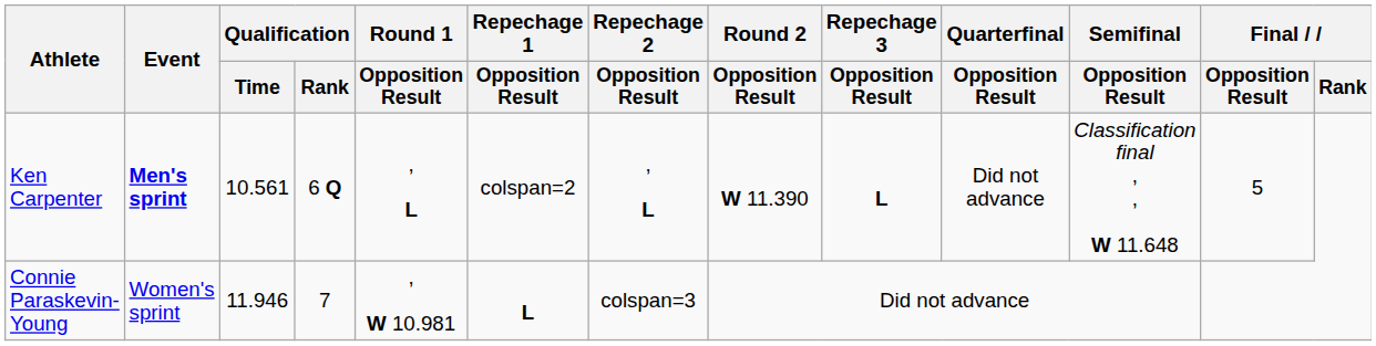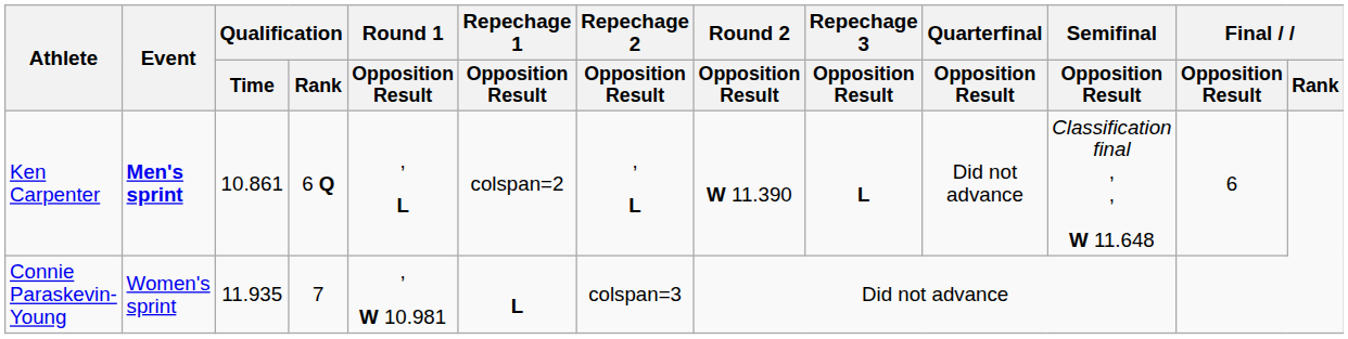 <table class=wikitable style=font-size:90%;text-align:center>
 <tr>
 <th rowspan=2>Athlete</th>
 <th rowspan=2>Event</th>
 <th colspan=2>Qualification</th>
 <th>Round 1</th>
 <th>Repechage 1</th>
 <th>Repechage 2</th>
 <th>Round 2</th>
 <th>Repechage 3</th>
 <th>Quarterfinal</th>
 <th>Semifinal</th>
 <th colspan=2>Final /  / </th>
 </tr>
 <tr style=font-size:95%>
 <th>Time</th>
 <th>Rank</th>
 <th>Opposition<br>Result</th>
 <th>Opposition<br>Result</th>
 <th>Opposition<br>Result</th>
 <th>Opposition<br>Result</th>
 <th>Opposition<br>Result</th>
 <th>Opposition<br>Result</th>
 <th>Opposition<br>Result</th>
 <th>Opposition<br>Result</th>
 <th>Rank</th>
 </tr>
 <tr>
 <td align=left><a href='#'>Ken Carpenter</a></td>
 <td align=left><strong><a href='#'>Men's sprint</a></strong></td>
-<td>10.561</td>
+<td>10.861</td>
 <td>6 <strong>Q</strong></td>
 <td>,<br><br><strong>L</strong> </td>
 <td>colspan=2 </td>
 <td>,<br><br><strong>L</strong> </td>
 <td><br><strong>W</strong> 11.390</td>
 <td><br><strong>L</strong></td>
 <td>Did not advance</td>
 <td><em>Classification final</em><br>,<br>,<br><br><strong>W</strong> 11.648</td>
-<td>5</td>
+<td>6</td>
 </tr>
 <tr>
 <td align=left><a href='#'>Connie Paraskevin-Young</a></td>
 <td align=left><a href='#'>Women's sprint</a></td>
-<td>11.946</td>
+<td>11.935</td>
 <td>7</td>
 <td>,<br><br><strong>W</strong> 10.981</td>
 <td><br><strong>L</strong></td>
 <td>colspan=3 </td>
 <td colspan=4>Did not advance</td>
 </tr>
 </table>
